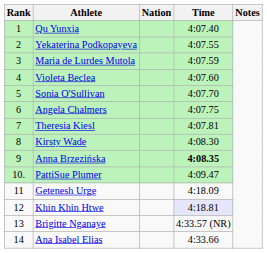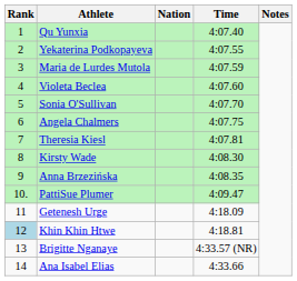 <table class="wikitable sortable" style="text-align:center">
 <tr>
 <th>Rank</th>
 <th>Athlete</th>
 <th>Nation</th>
 <th>Time</th>
 <th>Notes</th>
 </tr>
 <tr style="background:#bbf3bb;">
 <td>1</td>
 <td align=left><a href='#'>Qu Yunxia</a></td>
 <td align=left></td>
 <td>4:07.40</td>
 </tr>
 <tr style="background:#bbf3bb;">
 <td>2</td>
 <td align=left><a href='#'>Yekaterina Podkopayeva</a></td>
 <td align=left></td>
 <td>4:07.55</td>
 </tr>
 <tr style="background:#bbf3bb;">
 <td>3</td>
 <td align=left><a href='#'>Maria de Lurdes Mutola</a></td>
 <td align=left></td>
 <td>4:07.59</td>
 </tr>
 <tr style="background:#bbf3bb;">
 <td>4</td>
 <td align=left><a href='#'>Violeta Beclea</a></td>
 <td align=left></td>
 <td>4:07.60</td>
 </tr>
 <tr style="background:#bbf3bb;">
 <td>5</td>
 <td align=left><a href='#'>Sonia O'Sullivan</a></td>
 <td align=left></td>
 <td>4:07.70</td>
 </tr>
 <tr style="background:#bbf3bb;">
 <td>6</td>
 <td align=left><a href='#'>Angela Chalmers</a></td>
 <td align=left></td>
 <td>4:07.75</td>
 </tr>
 <tr style="background:#bbf3bb;">
 <td>7</td>
 <td align=left><a href='#'>Theresia Kiesl</a></td>
 <td align=left></td>
 <td>4:07.81</td>
 </tr>
 <tr style="background:#bbf3bb;">
 <td>8</td>
 <td align=left><a href='#'>Kirsty Wade</a></td>
 <td align=left></td>
 <td>4:08.30</td>
 </tr>
 <tr style="background:#bbf3bb;">
 <td>9</td>
 <td align=left><a href='#'>Anna Brzezińska</a></td>
 <td align=left></td>
-<td><strong>4:08.35</strong></td>
+<td>4:08.35</td>
 </tr>
 <tr style="background:#bbf3bb;">
 <td>10.</td>
 <td align=left><a href='#'>PattiSue Plumer</a></td>
 <td align=left></td>
 <td>4:09.47</td>
 </tr>
 <tr>
 <td>11</td>
 <td align=left><a href='#'>Getenesh Urge</a></td>
 <td align=left></td>
 <td>4:18.09</td>
 </tr>
 <tr>
-<td>12</td>
+<td style="background: lightblue;">12</td>
 <td align=left><a href='#'>Khin Khin Htwe</a></td>
 <td align=left></td>
-<td style="background: lavender;">4:18.81</td>
+<td>4:18.81</td>
 </tr>
 <tr>
 <td>13</td>
 <td align=left><a href='#'>Brigitte Nganaye</a></td>
 <td align=left></td>
 <td>4:33.57 (NR)</td>
 </tr>
 <tr>
 <td>14</td>
 <td align=left><a href='#'>Ana Isabel Elias</a></td>
 <td align=left></td>
 <td>4:33.66</td>
 </tr>
 </table>
